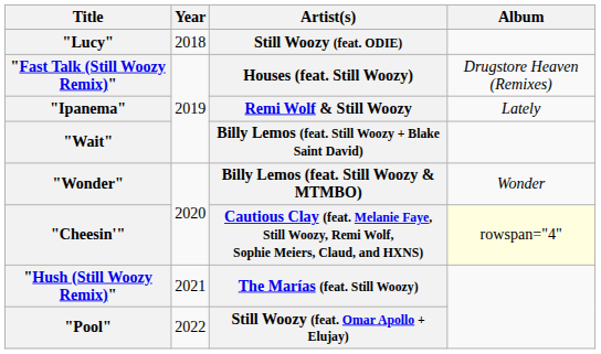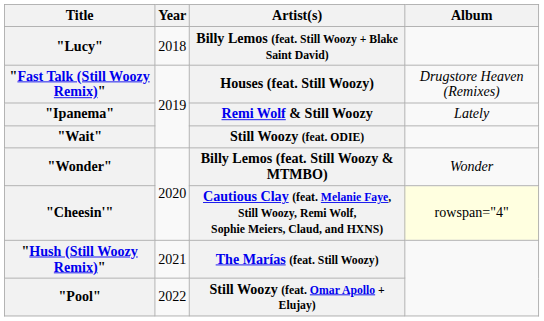 <table class="wikitable plainrowheaders" style="text-align:center;">
 <tr>
 <th scope="col">Title</th>
 <th scope="col">Year</th>
 <th scope="col">Artist(s)</th>
 <th scope="col">Album</th>
 </tr>
 <tr>
 <th scope="row">"Lucy"</th>
 <td>2018</td>
-<th scope="row">Still Woozy <small>(feat. ODIE)</small></th>
+<th scope="row">Billy Lemos <small>(feat. Still Woozy + Blake Saint David)</small></th>
 <td></td>
 </tr>
 <tr>
 <th scope="row">"<a href='#'>Fast Talk (Still Woozy Remix)</a>"</th>
 <td rowspan="3">2019</td>
 <th scope="row">Houses (feat. Still Woozy)</th>
 <td><em>Drugstore Heaven (Remixes)</em></td>
 </tr>
 <tr>
 <th scope="row">"Ipanema"</th>
 <th scope="row"><a href='#'>Remi Wolf</a> & Still Woozy</th>
 <td><em>Lately</em></td>
 </tr>
 <tr>
 <th scope="row">"Wait"</th>
-<th scope="row">Billy Lemos <small>(feat. Still Woozy + Blake Saint David)</small></th>
+<th scope="row">Still Woozy <small>(feat. ODIE)</small></th>
 <td></td>
 </tr>
 <tr>
 <th scope="row">"Wonder"</th>
 <td rowspan="2">2020</td>
 <th scope="row">Billy Lemos (feat. Still Woozy & MTMBO)</th>
 <td><em>Wonder</em></td>
 </tr>
 <tr>
 <th scope="row">"Cheesin'"</th>
 <th scope="row"><a href='#'>Cautious Clay</a> <small>(feat. <a href='#'>Melanie Faye</a>, Still Woozy, Remi Wolf,<br>Sophie Meiers, Claud, and HXNS)</small></th>
 <td style="background: lightyellow;">rowspan="4" </td>
 </tr>
 <tr>
 <th scope="row">"<a href='#'>Hush (Still Woozy Remix)</a>"</th>
 <td>2021</td>
 <th scope="row"><a href='#'>The Marías</a> <small>(feat. Still Woozy)</small></th>
 </tr>
 <tr>
 <th scope="row">"Pool"</th>
 <td>2022</td>
 <th scope="row">Still Woozy <small>(feat. <a href='#'>Omar Apollo</a> + Elujay)</small></th>
 </tr>
 </table>
